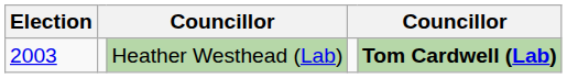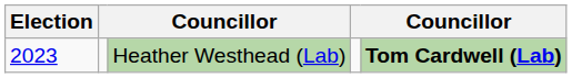 <table class="wikitable">
 <tr>
 <th>Election</th>
 <th colspan="2">Councillor</th>
 <th colspan="2">Councillor</th>
 </tr>
 <tr>
-<td><a href='#'>2003</a></td>
+<td><a href='#'>2023</a></td>
 <td style="background-color: "></td>
 <td bgcolor="#B6D7A8">Heather Westhead (<a href='#'>Lab</a>)</td>
 <td style="background-color: "></td>
 <td bgcolor="#B6D7A8"><strong>Tom Cardwell (<a href='#'>Lab</a>)</strong></td>
 </tr>
 </table>
